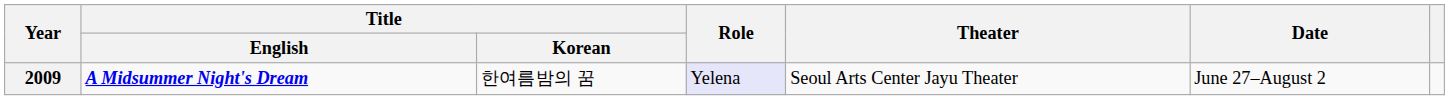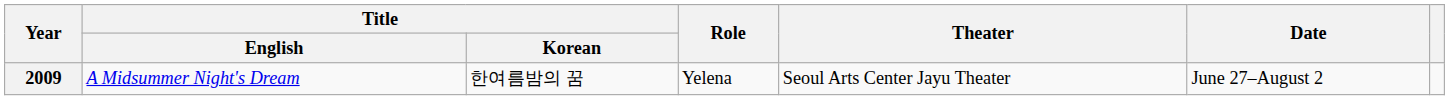 <table class="wikitable plainrowheaders" style="clear:none; font-size:100%; padding:0 auto; width:100%; margin:auto">
 <tr>
 <th scope="col" rowspan="2">Year</th>
 <th scope="col" colspan="2">Title</th>
 <th scope="col" rowspan="2">Role</th>
 <th scope="col" rowspan="2">Theater</th>
 <th scope="col" rowspan="2">Date</th>
 <th scope="col" rowspan="2" class="unsortable"></th>
 </tr>
 <tr>
 <th>English</th>
 <th>Korean</th>
 </tr>
 <tr>
 <th scope="row">2009</th>
-<td><strong><em><a href='#'>A Midsummer Night's Dream</a></em></strong></td>
+<td><em><a href='#'>A Midsummer Night's Dream</a></em></td>
 <td>한여름밤의 꿈</td>
-<td style="background: lavender;">Yelena</td>
+<td>Yelena</td>
 <td>Seoul Arts Center Jayu Theater</td>
 <td>June 27–August 2</td>
 <td></td>
 </tr>
 </table>
